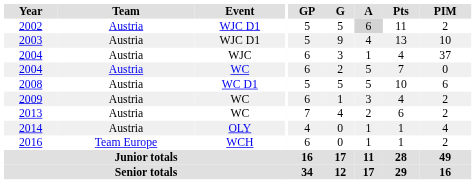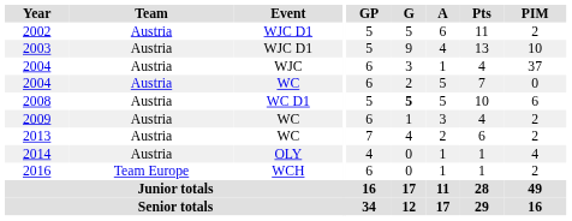 <table border="0" cellpadding="1" cellspacing="0" ID="Table3" style="text-align:center; width:40em">
 <tr bgcolor="#e0e0e0">
 <th>Year</th>
 <th>Team</th>
 <th>Event</th>
 <th rowspan="102" bgcolor="#ffffff"></th>
 <th>GP</th>
 <th>G</th>
 <th>A</th>
 <th>Pts</th>
 <th>PIM</th>
 </tr>
 <tr>
 <td><a href='#'>2002</a></td>
 <td><a href='#'>Austria</a></td>
 <td><a href='#'>WJC D1</a></td>
 <td>5</td>
 <td>5</td>
-<td style="background: lightgrey;">6</td>
+<td>6</td>
 <td>11</td>
 <td>2</td>
 </tr>
 <tr bgcolor="#f0f0f0">
 <td><a href='#'>2003</a></td>
 <td>Austria</td>
 <td>WJC D1</td>
 <td>5</td>
 <td>9</td>
 <td>4</td>
 <td>13</td>
 <td>10</td>
 </tr>
 <tr>
 <td><a href='#'>2004</a></td>
 <td>Austria</td>
 <td>WJC</td>
 <td>6</td>
 <td>3</td>
 <td>1</td>
 <td>4</td>
 <td>37</td>
 </tr>
 <tr bgcolor="#f0f0f0">
 <td><a href='#'>2004</a></td>
 <td><a href='#'>Austria</a></td>
 <td><a href='#'>WC</a></td>
 <td>6</td>
 <td>2</td>
 <td>5</td>
 <td>7</td>
 <td>0</td>
 </tr>
 <tr>
 <td><a href='#'>2008</a></td>
 <td>Austria</td>
 <td><a href='#'>WC D1</a></td>
 <td>5</td>
-<td>5</td>
+<td><strong>5</strong></td>
 <td>5</td>
 <td>10</td>
 <td>6</td>
 </tr>
 <tr bgcolor="#f0f0f0">
 <td><a href='#'>2009</a></td>
 <td>Austria</td>
 <td>WC</td>
 <td>6</td>
 <td>1</td>
 <td>3</td>
 <td>4</td>
 <td>2</td>
 </tr>
 <tr>
 <td><a href='#'>2013</a></td>
 <td>Austria</td>
 <td>WC</td>
 <td>7</td>
 <td>4</td>
 <td>2</td>
 <td>6</td>
 <td>2</td>
 </tr>
 <tr bgcolor="#f0f0f0">
 <td><a href='#'>2014</a></td>
 <td>Austria</td>
 <td><a href='#'>OLY</a></td>
 <td>4</td>
 <td>0</td>
 <td>1</td>
 <td>1</td>
 <td>4</td>
 </tr>
 <tr>
 <td><a href='#'>2016</a></td>
 <td><a href='#'>Team Europe</a></td>
 <td><a href='#'>WCH</a></td>
 <td>6</td>
 <td>0</td>
 <td>1</td>
 <td>1</td>
 <td>2</td>
 </tr>
 <tr bgcolor="#e0e0e0">
 <th colspan="4">Junior totals</th>
 <th>16</th>
 <th>17</th>
 <th>11</th>
 <th>28</th>
 <th>49</th>
 </tr>
 <tr bgcolor="#e0e0e0">
 <th colspan="4">Senior totals</th>
 <th>34</th>
 <th>12</th>
 <th>17</th>
 <th>29</th>
 <th>16</th>
 </tr>
 </table>
